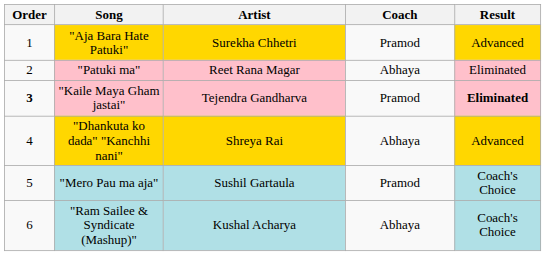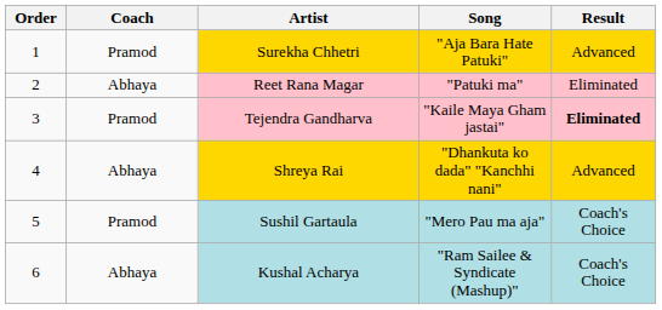 <table class="wikitable plainrowheaders" style="text-align:center; width:75%;">
 <tr>
 <th scope="col" style="width:05%;">Order</th>
+<th scope="col" style="width:15%;">Coach</th>
+<th scope="col" style="width:25%;">Artist</th>
 <th scope="col" style="width:15%;">Song</th>
-<th scope="col" style="width:25%;">Artist</th>
-<th scope="col" style="width:15%;">Coach</th>
 <th scope="col" style="width:10%;">Result</th>
 </tr>
 <tr>
 <td scope="row">1</td>
+<td>Pramod</td>
+<td style="background:gold">Surekha Chhetri</td>
 <td style="background:gold">"Aja Bara Hate Patuki"</td>
-<td style="background:gold">Surekha Chhetri</td>
-<td>Pramod</td>
 <td style="background:gold">Advanced</td>
 </tr>
 <tr>
 <td scope="row">2</td>
+<td>Abhaya</td>
+<td style="background:pink">Reet Rana Magar</td>
 <td style="background:pink">"Patuki ma"</td>
-<td style="background:pink">Reet Rana Magar</td>
-<td>Abhaya</td>
 <td style="background:pink">Eliminated</td>
 </tr>
 <tr>
-<td scope="row"><strong>3</strong></td>
+<td scope="row">3</td>
+<td>Pramod</td>
+<td style="background:pink">Tejendra Gandharva</td>
 <td style="background:pink">"Kaile Maya Gham jastai"</td>
-<td style="background:pink">Tejendra Gandharva</td>
-<td>Pramod</td>
 <td style="background:pink"><strong>Eliminated</strong></td>
 </tr>
 <tr>
 <td scope="row">4</td>
+<td>Abhaya</td>
+<td style="background:gold">Shreya Rai</td>
 <td style="background:gold">"Dhankuta ko dada" "Kanchhi nani"</td>
-<td style="background:gold">Shreya Rai</td>
-<td>Abhaya</td>
 <td style="background:gold">Advanced</td>
 </tr>
 <tr>
 <td scope="row">5</td>
+<td>Pramod</td>
+<td style="background:#b0e0e6">Sushil Gartaula</td>
 <td style="background:#b0e0e6">"Mero Pau ma aja"</td>
-<td style="background:#b0e0e6">Sushil Gartaula</td>
-<td>Pramod</td>
 <td style="background:#b0e0e6">Coach's Choice</td>
 </tr>
 <tr>
 <td scope="row">6</td>
+<td>Abhaya</td>
+<td style="background:#b0e0e6">Kushal Acharya</td>
 <td style="background:#b0e0e6">"Ram Sailee & Syndicate (Mashup)"</td>
-<td style="background:#b0e0e6">Kushal Acharya</td>
-<td>Abhaya</td>
 <td style="background:#b0e0e6">Coach's Choice</td>
 </tr>
 </table>
